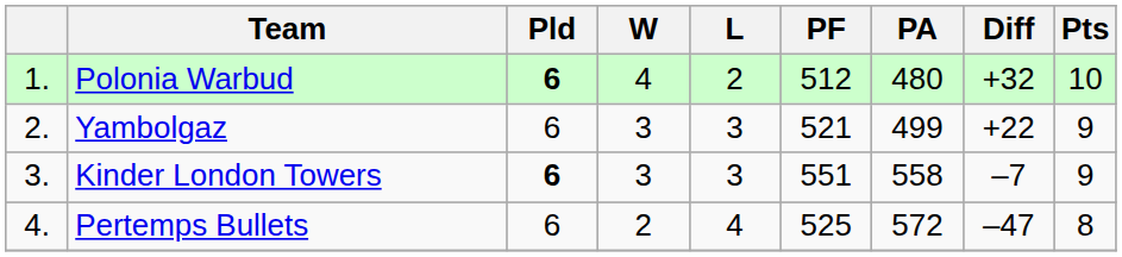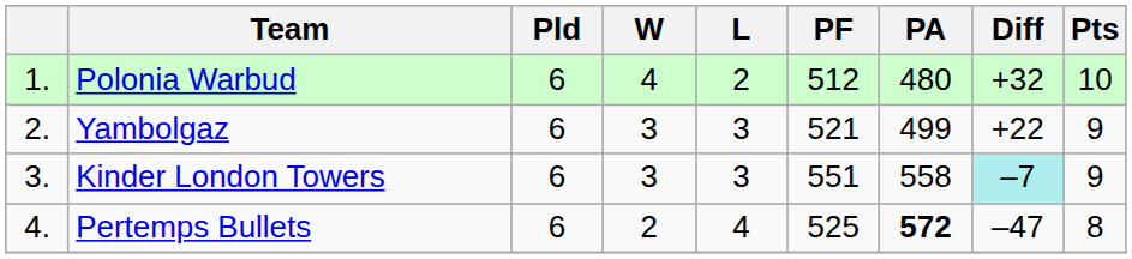 <table class="wikitable" style="text-align:center">
 <tr>
 <th width="25"></th>
 <th width="220">Team</th>
 <th width="40">Pld</th>
 <th width="40">W</th>
 <th width="40">L</th>
 <th width="40">PF</th>
 <th width="40">PA</th>
 <th width="40">Diff</th>
 <th>Pts</th>
 </tr>
 <tr style="background:#cfc;">
 <td>1.</td>
 <td align="left"> <a href='#'>Polonia Warbud</a></td>
-<td><strong>6</strong></td>
+<td>6</td>
 <td>4</td>
 <td>2</td>
 <td>512</td>
 <td>480</td>
 <td>+32</td>
 <td>10</td>
 </tr>
 <tr>
 <td>2.</td>
 <td align="left"> <a href='#'>Yambolgaz</a></td>
 <td>6</td>
 <td>3</td>
 <td>3</td>
 <td>521</td>
 <td>499</td>
 <td>+22</td>
 <td>9</td>
 </tr>
 <tr>
 <td>3.</td>
 <td align="left"> <a href='#'>Kinder London Towers</a></td>
-<td><strong>6</strong></td>
+<td>6</td>
 <td>3</td>
 <td>3</td>
 <td>551</td>
 <td>558</td>
-<td>–7</td>
+<td style="background: paleturquoise;">–7</td>
 <td>9</td>
 </tr>
 <tr>
 <td>4.</td>
 <td align="left"> <a href='#'>Pertemps Bullets</a></td>
 <td>6</td>
 <td>2</td>
 <td>4</td>
 <td>525</td>
-<td>572</td>
+<td><strong>572</strong></td>
 <td>–47</td>
 <td>8</td>
 </tr>
 <tr>
 </tr>
 </table>
